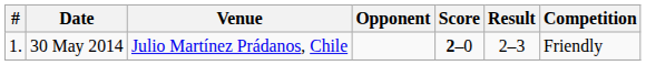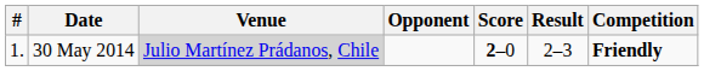 <table class="wikitable collapsible">
 <tr>
 <th>#</th>
 <th>Date</th>
 <th>Venue</th>
 <th>Opponent</th>
 <th>Score</th>
 <th>Result</th>
 <th>Competition</th>
 </tr>
 <tr>
 <td>1.</td>
 <td>30 May 2014</td>
-<td><a href='#'>Julio Martínez Prádanos</a>, <a href='#'>Chile</a></td>
+<td style="background: lightgrey;"><a href='#'>Julio Martínez Prádanos</a>, <a href='#'>Chile</a></td>
 <td></td>
 <td align=center><strong>2</strong>–0</td>
 <td align=center>2–3</td>
-<td>Friendly</td>
+<td><strong>Friendly</strong></td>
 </tr>
 <tr style="background:#8fcfdf;">
 </tr>
 </table>
